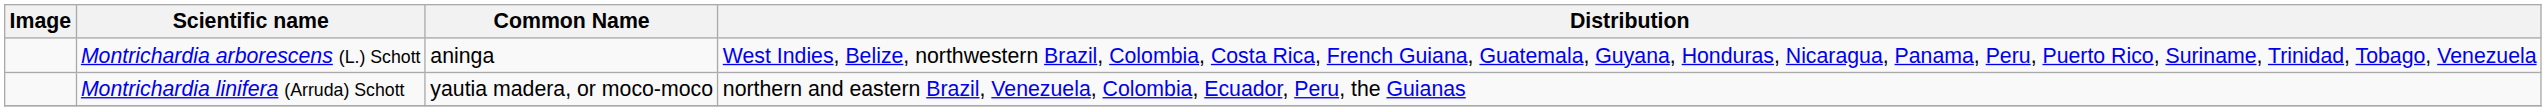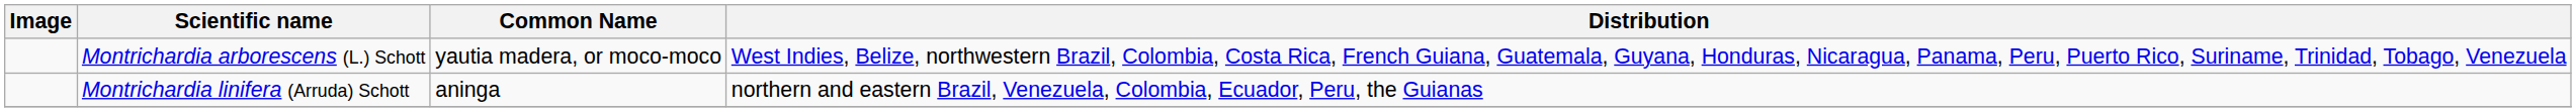 <table class="wikitable">
 <tr>
 <th>Image</th>
 <th>Scientific name</th>
 <th>Common Name</th>
 <th>Distribution</th>
 </tr>
 <tr>
 <td></td>
 <td><em><a href='#'>Montrichardia arborescens</a></em>  <small>(L.) Schott</small></td>
-<td>aninga</td>
+<td>yautia madera, or moco-moco</td>
 <td><a href='#'>West Indies</a>, <a href='#'>Belize</a>, northwestern <a href='#'>Brazil</a>, <a href='#'>Colombia</a>, <a href='#'>Costa Rica</a>, <a href='#'>French Guiana</a>, <a href='#'>Guatemala</a>, <a href='#'>Guyana</a>, <a href='#'>Honduras</a>, <a href='#'>Nicaragua</a>, <a href='#'>Panama</a>, <a href='#'>Peru</a>, <a href='#'>Puerto Rico</a>, <a href='#'>Suriname</a>, <a href='#'>Trinidad</a>, <a href='#'>Tobago</a>, <a href='#'>Venezuela</a></td>
 </tr>
 <tr>
 <td></td>
 <td><em><a href='#'>Montrichardia linifera</a></em> <small>(Arruda) Schott</small></td>
-<td>yautia madera, or moco-moco</td>
+<td>aninga</td>
 <td>northern and eastern <a href='#'>Brazil</a>, <a href='#'>Venezuela</a>, <a href='#'>Colombia</a>, <a href='#'>Ecuador</a>, <a href='#'>Peru</a>, the <a href='#'>Guianas</a></td>
 </tr>
 <tr>
 </tr>
 </table>
